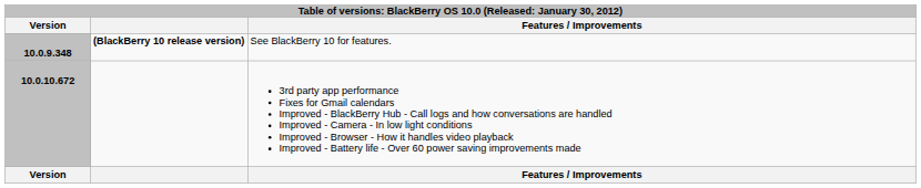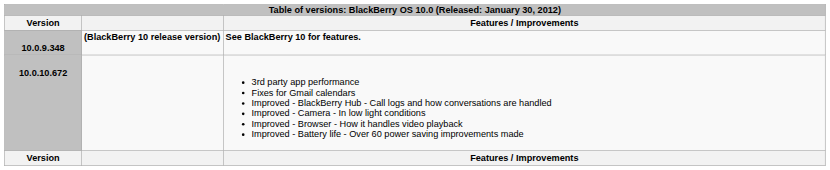 <table class="wikitable collapsible collapsed" style="width:100%; font-size:88%;">
 <tr>
 <th style="background:silver; padding:0 0.5em;" colspan="5">Table of versions: BlackBerry OS 10.0 (Released: January 30, 2012)</th>
 </tr>
 <tr>
 <th style="width:8em; ">Version</th>
 <th style="width:15em; "></th>
 <th>Features / Improvements</th>
 </tr>
 <tr valign="top">
 <th style="background:silver; white-space:nowrap;"><br>10.0.9.348</th>
 <td><strong>(BlackBerry 10 release version)</strong></td>
-<td>See BlackBerry 10 for features.</td>
+<td><strong>See BlackBerry 10 for features.</strong></td>
 </tr>
 <tr valign="top">
 <th style="background:silver; white-space:nowrap;"><br>10.0.10.672</th>
 <td></td>
 <td><br><ul><li>3rd party app performance</li><li>Fixes for Gmail calendars</li><li>Improved - BlackBerry Hub - Call logs and how conversations are handled</li><li>Improved - Camera - In low light conditions</li><li>Improved - Browser - How it handles video playback</li><li>Improved - Battery life - Over 60 power saving improvements made</li></ul></td>
 </tr>
 <tr class="sortbottom">
 <th style="width:8em; ">Version</th>
 <th style="width:15em; "></th>
 <th>Features / Improvements</th>
 </tr>
 </table>
